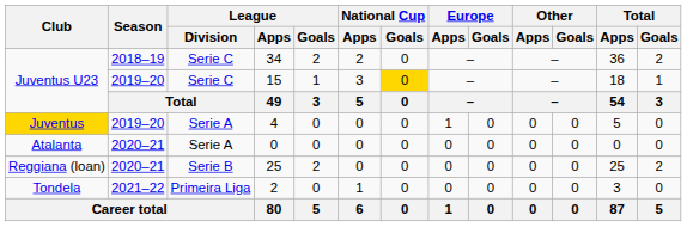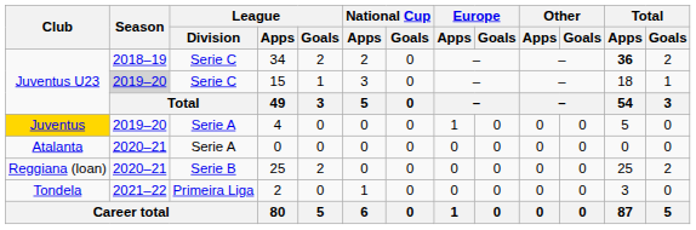 <table class="wikitable" style="text-align: center;">
 <tr>
 <th rowspan="2">Club</th>
 <th rowspan="2">Season</th>
 <th colspan="3">League</th>
 <th colspan="2">National <a href='#'>Cup</a></th>
 <th colspan="2"><a href='#'>Europe</a></th>
 <th colspan="2">Other</th>
 <th colspan="2">Total</th>
 </tr>
 <tr>
 <th>Division</th>
 <th>Apps</th>
 <th>Goals</th>
 <th>Apps</th>
 <th>Goals</th>
 <th>Apps</th>
 <th>Goals</th>
 <th>Apps</th>
 <th>Goals</th>
 <th>Apps</th>
 <th>Goals</th>
 </tr>
 <tr>
 <td rowspan="3"><a href='#'>Juventus U23</a></td>
 <td><a href='#'>2018–19</a></td>
 <td rowspan="1"><a href='#'>Serie C</a></td>
 <td>34</td>
 <td>2</td>
 <td>2</td>
 <td>0</td>
 <td colspan="2">–</td>
 <td colspan="2">–</td>
-<td>36</td>
+<td><strong>36</strong></td>
 <td>2</td>
 </tr>
 <tr>
-<td><a href='#'>2019–20</a></td>
+<td style="background: lightgrey;"><a href='#'>2019–20</a></td>
 <td rowspan="1"><a href='#'>Serie C</a></td>
 <td>15</td>
 <td>1</td>
 <td>3</td>
-<td style="background: gold;">0</td>
+<td>0</td>
 <td colspan="2">–</td>
 <td colspan="2">–</td>
 <td>18</td>
 <td>1</td>
 </tr>
 <tr>
 <th colspan="2">Total</th>
 <th>49</th>
 <th>3</th>
 <th>5</th>
 <th>0</th>
 <th colspan="2">–</th>
 <th colspan="2">–</th>
 <th>54</th>
 <th>3</th>
 </tr>
 <tr>
 <td style="background: gold;"><a href='#'>Juventus</a></td>
 <td><a href='#'>2019–20</a></td>
 <td rowspan="1"><a href='#'>Serie A</a></td>
 <td>4</td>
 <td>0</td>
 <td>0</td>
 <td>0</td>
 <td>1</td>
 <td>0</td>
 <td>0</td>
 <td>0</td>
 <td>5</td>
 <td>0</td>
 </tr>
 <tr>
 <td><a href='#'>Atalanta</a></td>
 <td rowspan="1"><a href='#'>2020–21</a></td>
 <td>Serie A</td>
 <td>0</td>
 <td>0</td>
 <td>0</td>
 <td>0</td>
 <td>0</td>
 <td>0</td>
 <td>0</td>
 <td>0</td>
 <td>0</td>
 <td>0</td>
 </tr>
 <tr>
 <td><a href='#'>Reggiana</a> (loan)</td>
 <td rowspan="1"><a href='#'>2020–21</a></td>
 <td><a href='#'>Serie B</a></td>
 <td>25</td>
 <td>2</td>
 <td>0</td>
 <td>0</td>
 <td>0</td>
 <td>0</td>
 <td>0</td>
 <td>0</td>
 <td>25</td>
 <td>2</td>
 </tr>
 <tr>
 <td><a href='#'>Tondela</a></td>
 <td rowspan="1"><a href='#'>2021–22</a></td>
 <td><a href='#'>Primeira Liga</a></td>
 <td>2</td>
 <td>0</td>
 <td>1</td>
 <td>0</td>
 <td>0</td>
 <td>0</td>
 <td>0</td>
 <td>0</td>
 <td>3</td>
 <td>0</td>
 </tr>
 <tr>
 <th colspan="3">Career total</th>
 <th>80</th>
 <th>5</th>
 <th>6</th>
 <th>0</th>
 <th>1</th>
 <th>0</th>
 <th>0</th>
 <th>0</th>
 <th>87</th>
 <th>5</th>
 </tr>
 </table>
